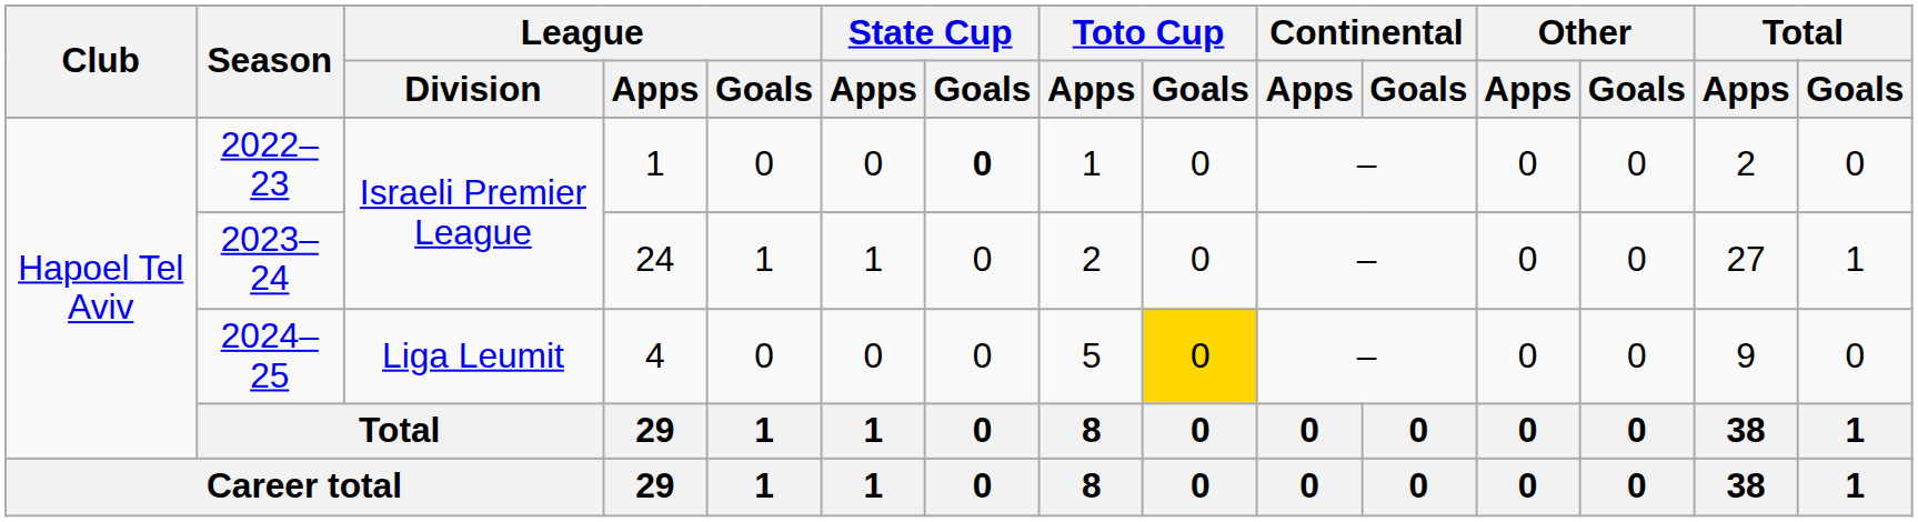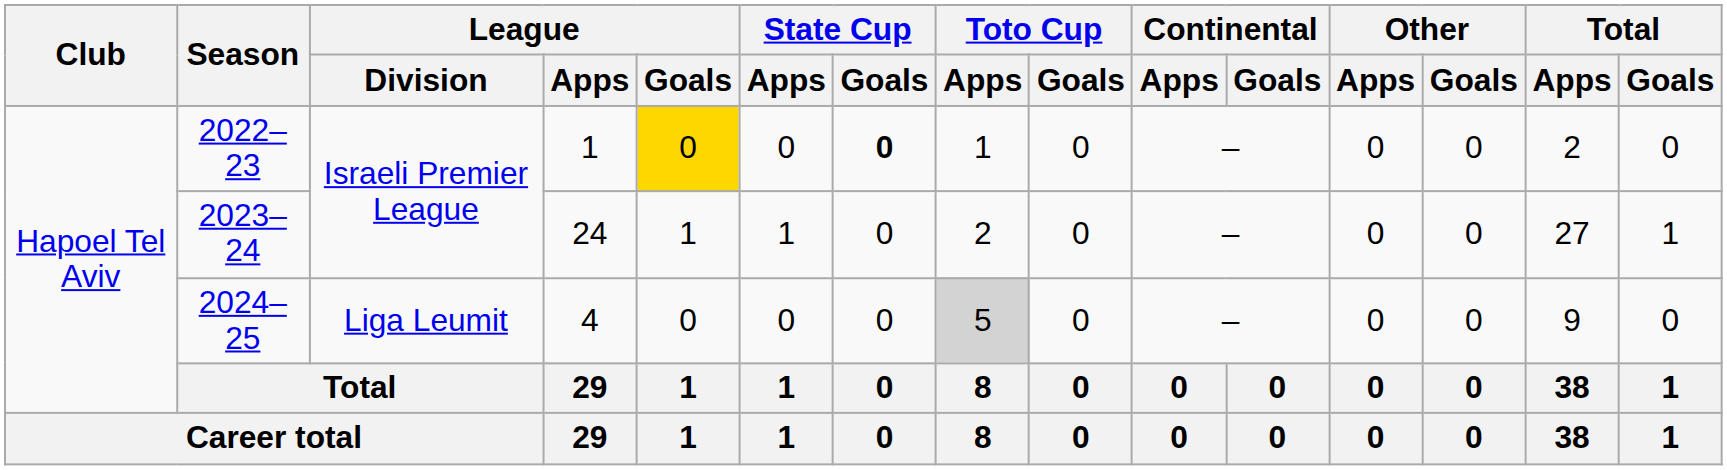 <table class="wikitable" style="text-align: center">
 <tr>
 <th rowspan="2">Club</th>
 <th rowspan="2">Season</th>
 <th colspan="3">League</th>
 <th colspan="2"><a href='#'>State Cup</a></th>
 <th colspan="2"><a href='#'>Toto Cup</a></th>
 <th colspan="2">Continental</th>
 <th colspan="2">Other</th>
 <th colspan="2">Total</th>
 </tr>
 <tr>
 <th>Division</th>
 <th>Apps</th>
 <th>Goals</th>
 <th>Apps</th>
 <th>Goals</th>
 <th>Apps</th>
 <th>Goals</th>
 <th>Apps</th>
 <th>Goals</th>
 <th>Apps</th>
 <th>Goals</th>
 <th>Apps</th>
 <th>Goals</th>
 </tr>
 <tr>
 <td rowspan="4"><a href='#'>Hapoel Tel Aviv</a></td>
 <td><a href='#'>2022–23</a></td>
 <td rowspan="2"><a href='#'>Israeli Premier League</a></td>
 <td>1</td>
-<td>0</td>
+<td style="background: gold;">0</td>
 <td>0</td>
 <td><strong>0</strong></td>
 <td>1</td>
 <td>0</td>
 <td colspan="2">–</td>
 <td>0</td>
 <td>0</td>
 <td>2</td>
 <td>0</td>
 </tr>
 <tr>
 <td><a href='#'>2023–24</a></td>
 <td>24</td>
 <td>1</td>
 <td>1</td>
 <td>0</td>
 <td>2</td>
 <td>0</td>
 <td colspan="2">–</td>
 <td>0</td>
 <td>0</td>
 <td>27</td>
 <td>1</td>
 </tr>
 <tr>
 <td><a href='#'>2024–25</a></td>
 <td rowspan="1"><a href='#'>Liga Leumit</a></td>
 <td>4</td>
 <td>0</td>
 <td>0</td>
 <td>0</td>
-<td>5</td>
-<td style="background: gold;">0</td>
+<td style="background: lightgrey;">5</td>
+<td>0</td>
 <td colspan="2">–</td>
 <td>0</td>
 <td>0</td>
 <td>9</td>
 <td>0</td>
 </tr>
 <tr>
 <th colspan="2">Total</th>
 <th>29</th>
 <th>1</th>
 <th>1</th>
 <th>0</th>
 <th>8</th>
 <th>0</th>
 <th>0</th>
 <th>0</th>
 <th>0</th>
 <th>0</th>
 <th>38</th>
 <th>1</th>
 </tr>
 <tr>
 <th colspan="3"><strong>Career total</strong></th>
 <th>29</th>
 <th>1</th>
 <th>1</th>
 <th>0</th>
 <th>8</th>
 <th>0</th>
 <th>0</th>
 <th>0</th>
 <th>0</th>
 <th>0</th>
 <th>38</th>
 <th>1</th>
 </tr>
 </table>
